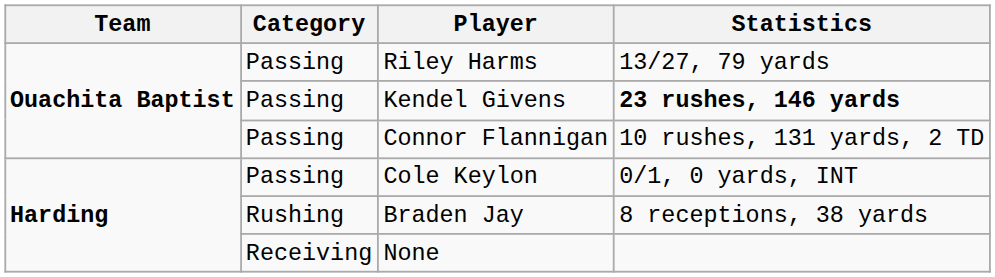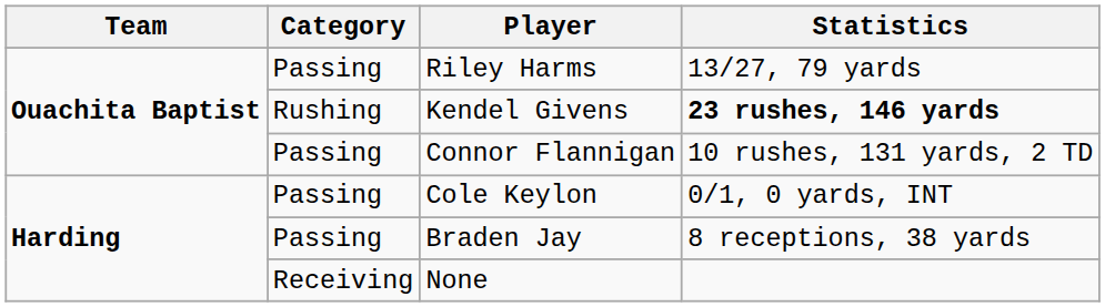 <table class="wikitable" style="float: right;">
 <tr>
 <th>Team</th>
 <th>Category</th>
 <th>Player</th>
 <th>Statistics</th>
 </tr>
 <tr>
 <td rowspan=3><strong>Ouachita Baptist</strong></td>
 <td>Passing</td>
 <td>Riley Harms</td>
 <td>13/27, 79 yards</td>
 </tr>
 <tr>
-<td>Passing</td>
+<td>Rushing</td>
 <td>Kendel Givens</td>
 <td><strong>23 rushes, 146 yards</strong></td>
 </tr>
 <tr>
 <td>Passing</td>
 <td>Connor Flannigan</td>
 <td>10 rushes, 131 yards, 2 TD</td>
 </tr>
 <tr>
 <td rowspan=3><strong>Harding</strong></td>
 <td>Passing</td>
 <td>Cole Keylon</td>
 <td>0/1, 0 yards, INT</td>
 </tr>
 <tr>
-<td>Rushing</td>
+<td>Passing</td>
 <td>Braden Jay</td>
 <td>8 receptions, 38 yards</td>
 </tr>
 <tr>
 <td>Receiving</td>
 <td>None</td>
 <td></td>
 </tr>
 </table>
